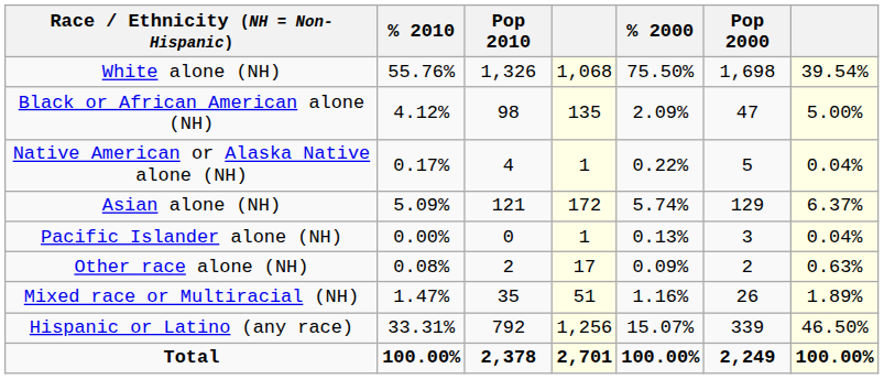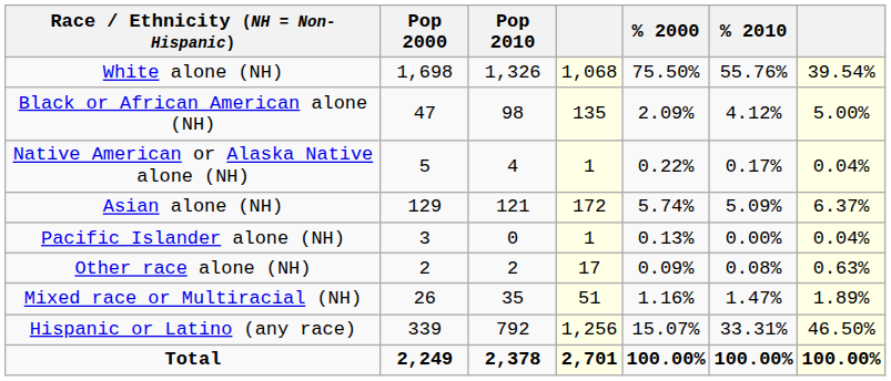 <table class="wikitable" style="text-align:center;">
 <tr>
 <th>Race / Ethnicity <small>(<em>NH = Non-Hispanic</em>)</small></th>
-<th>% 2010</th>
+<th>Pop 2000</th>
 <th>Pop 2010</th>
 <th></th>
 <th>% 2000</th>
-<th>Pop 2000</th>
+<th>% 2010</th>
 <th></th>
 </tr>
 <tr>
 <td><a href='#'>White</a> alone (NH)</td>
-<td>55.76%</td>
+<td>1,698</td>
 <td>1,326</td>
 <td style='background: #ffffe6;'>1,068</td>
 <td>75.50%</td>
-<td>1,698</td>
+<td>55.76%</td>
 <td style='background: #ffffe6;'>39.54%</td>
 </tr>
 <tr>
 <td><a href='#'>Black or African American</a> alone (NH)</td>
-<td>4.12%</td>
+<td>47</td>
 <td>98</td>
 <td style='background: #ffffe6;'>135</td>
 <td>2.09%</td>
-<td>47</td>
+<td>4.12%</td>
 <td style='background: #ffffe6;'>5.00%</td>
 </tr>
 <tr>
 <td><a href='#'>Native American</a> or <a href='#'>Alaska Native</a> alone (NH)</td>
-<td>0.17%</td>
+<td>5</td>
 <td>4</td>
 <td style='background: #ffffe6;'>1</td>
 <td>0.22%</td>
-<td>5</td>
+<td>0.17%</td>
 <td style='background: #ffffe6;'>0.04%</td>
 </tr>
 <tr>
 <td><a href='#'>Asian</a> alone (NH)</td>
-<td>5.09%</td>
+<td>129</td>
 <td>121</td>
 <td style='background: #ffffe6;'>172</td>
 <td>5.74%</td>
-<td>129</td>
+<td>5.09%</td>
 <td style='background: #ffffe6;'>6.37%</td>
 </tr>
 <tr>
 <td><a href='#'>Pacific Islander</a> alone (NH)</td>
-<td>0.00%</td>
+<td>3</td>
 <td>0</td>
 <td style='background: #ffffe6;'>1</td>
 <td>0.13%</td>
-<td>3</td>
+<td>0.00%</td>
 <td style='background: #ffffe6;'>0.04%</td>
 </tr>
 <tr>
 <td><a href='#'>Other race</a> alone (NH)</td>
-<td>0.08%</td>
+<td>2</td>
 <td>2</td>
 <td style='background: #ffffe6;'>17</td>
 <td>0.09%</td>
-<td>2</td>
+<td>0.08%</td>
 <td style='background: #ffffe6;'>0.63%</td>
 </tr>
 <tr>
 <td><a href='#'>Mixed race or Multiracial</a> (NH)</td>
-<td>1.47%</td>
+<td>26</td>
 <td>35</td>
 <td style='background: #ffffe6;'>51</td>
 <td>1.16%</td>
-<td>26</td>
+<td>1.47%</td>
 <td style='background: #ffffe6;'>1.89%</td>
 </tr>
 <tr>
 <td><a href='#'>Hispanic or Latino</a> (any race)</td>
-<td>33.31%</td>
+<td>339</td>
 <td>792</td>
 <td style='background: #ffffe6;'>1,256</td>
 <td>15.07%</td>
-<td>339</td>
+<td>33.31%</td>
 <td style='background: #ffffe6;'>46.50%</td>
 </tr>
 <tr>
 <td><strong>Total</strong></td>
-<td><strong>100.00%</strong></td>
+<td><strong>2,249</strong></td>
 <td><strong>2,378</strong></td>
 <td style='background: #ffffe6;'><strong>2,701</strong></td>
 <td><strong>100.00%</strong></td>
-<td><strong>2,249</strong></td>
+<td><strong>100.00%</strong></td>
 <td style='background: #ffffe6;'><strong>100.00%</strong></td>
 </tr>
 </table>
